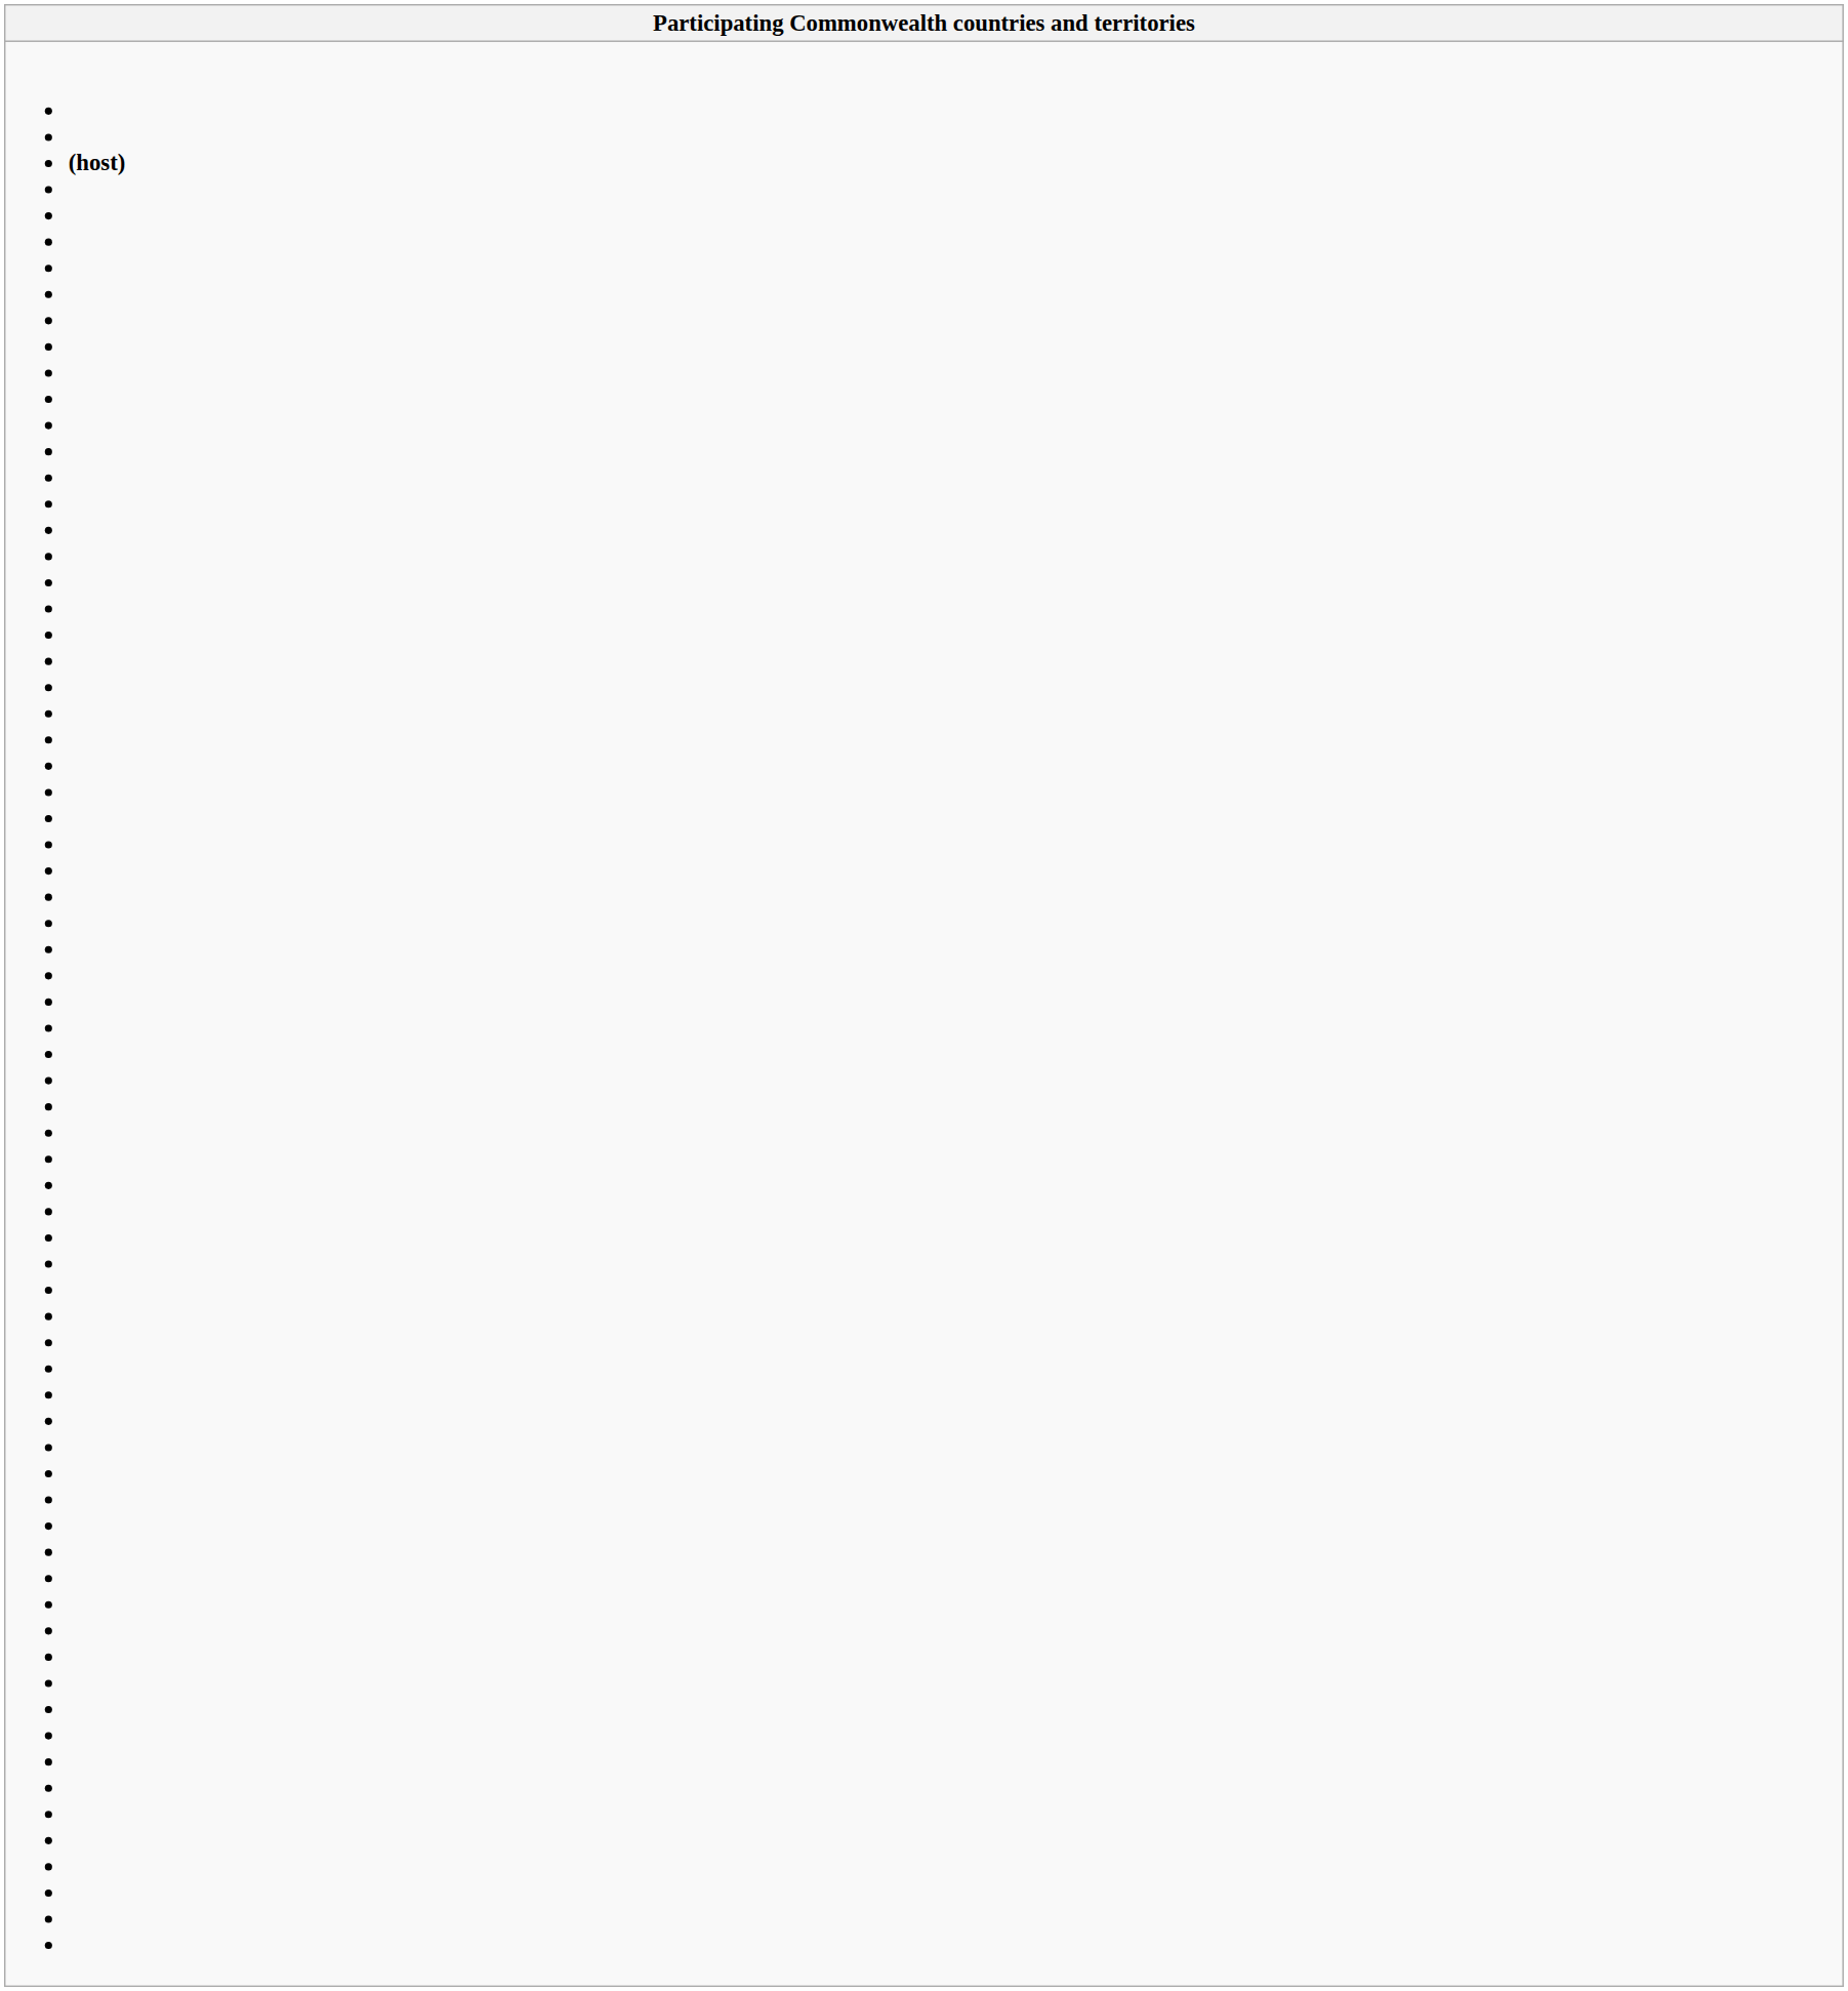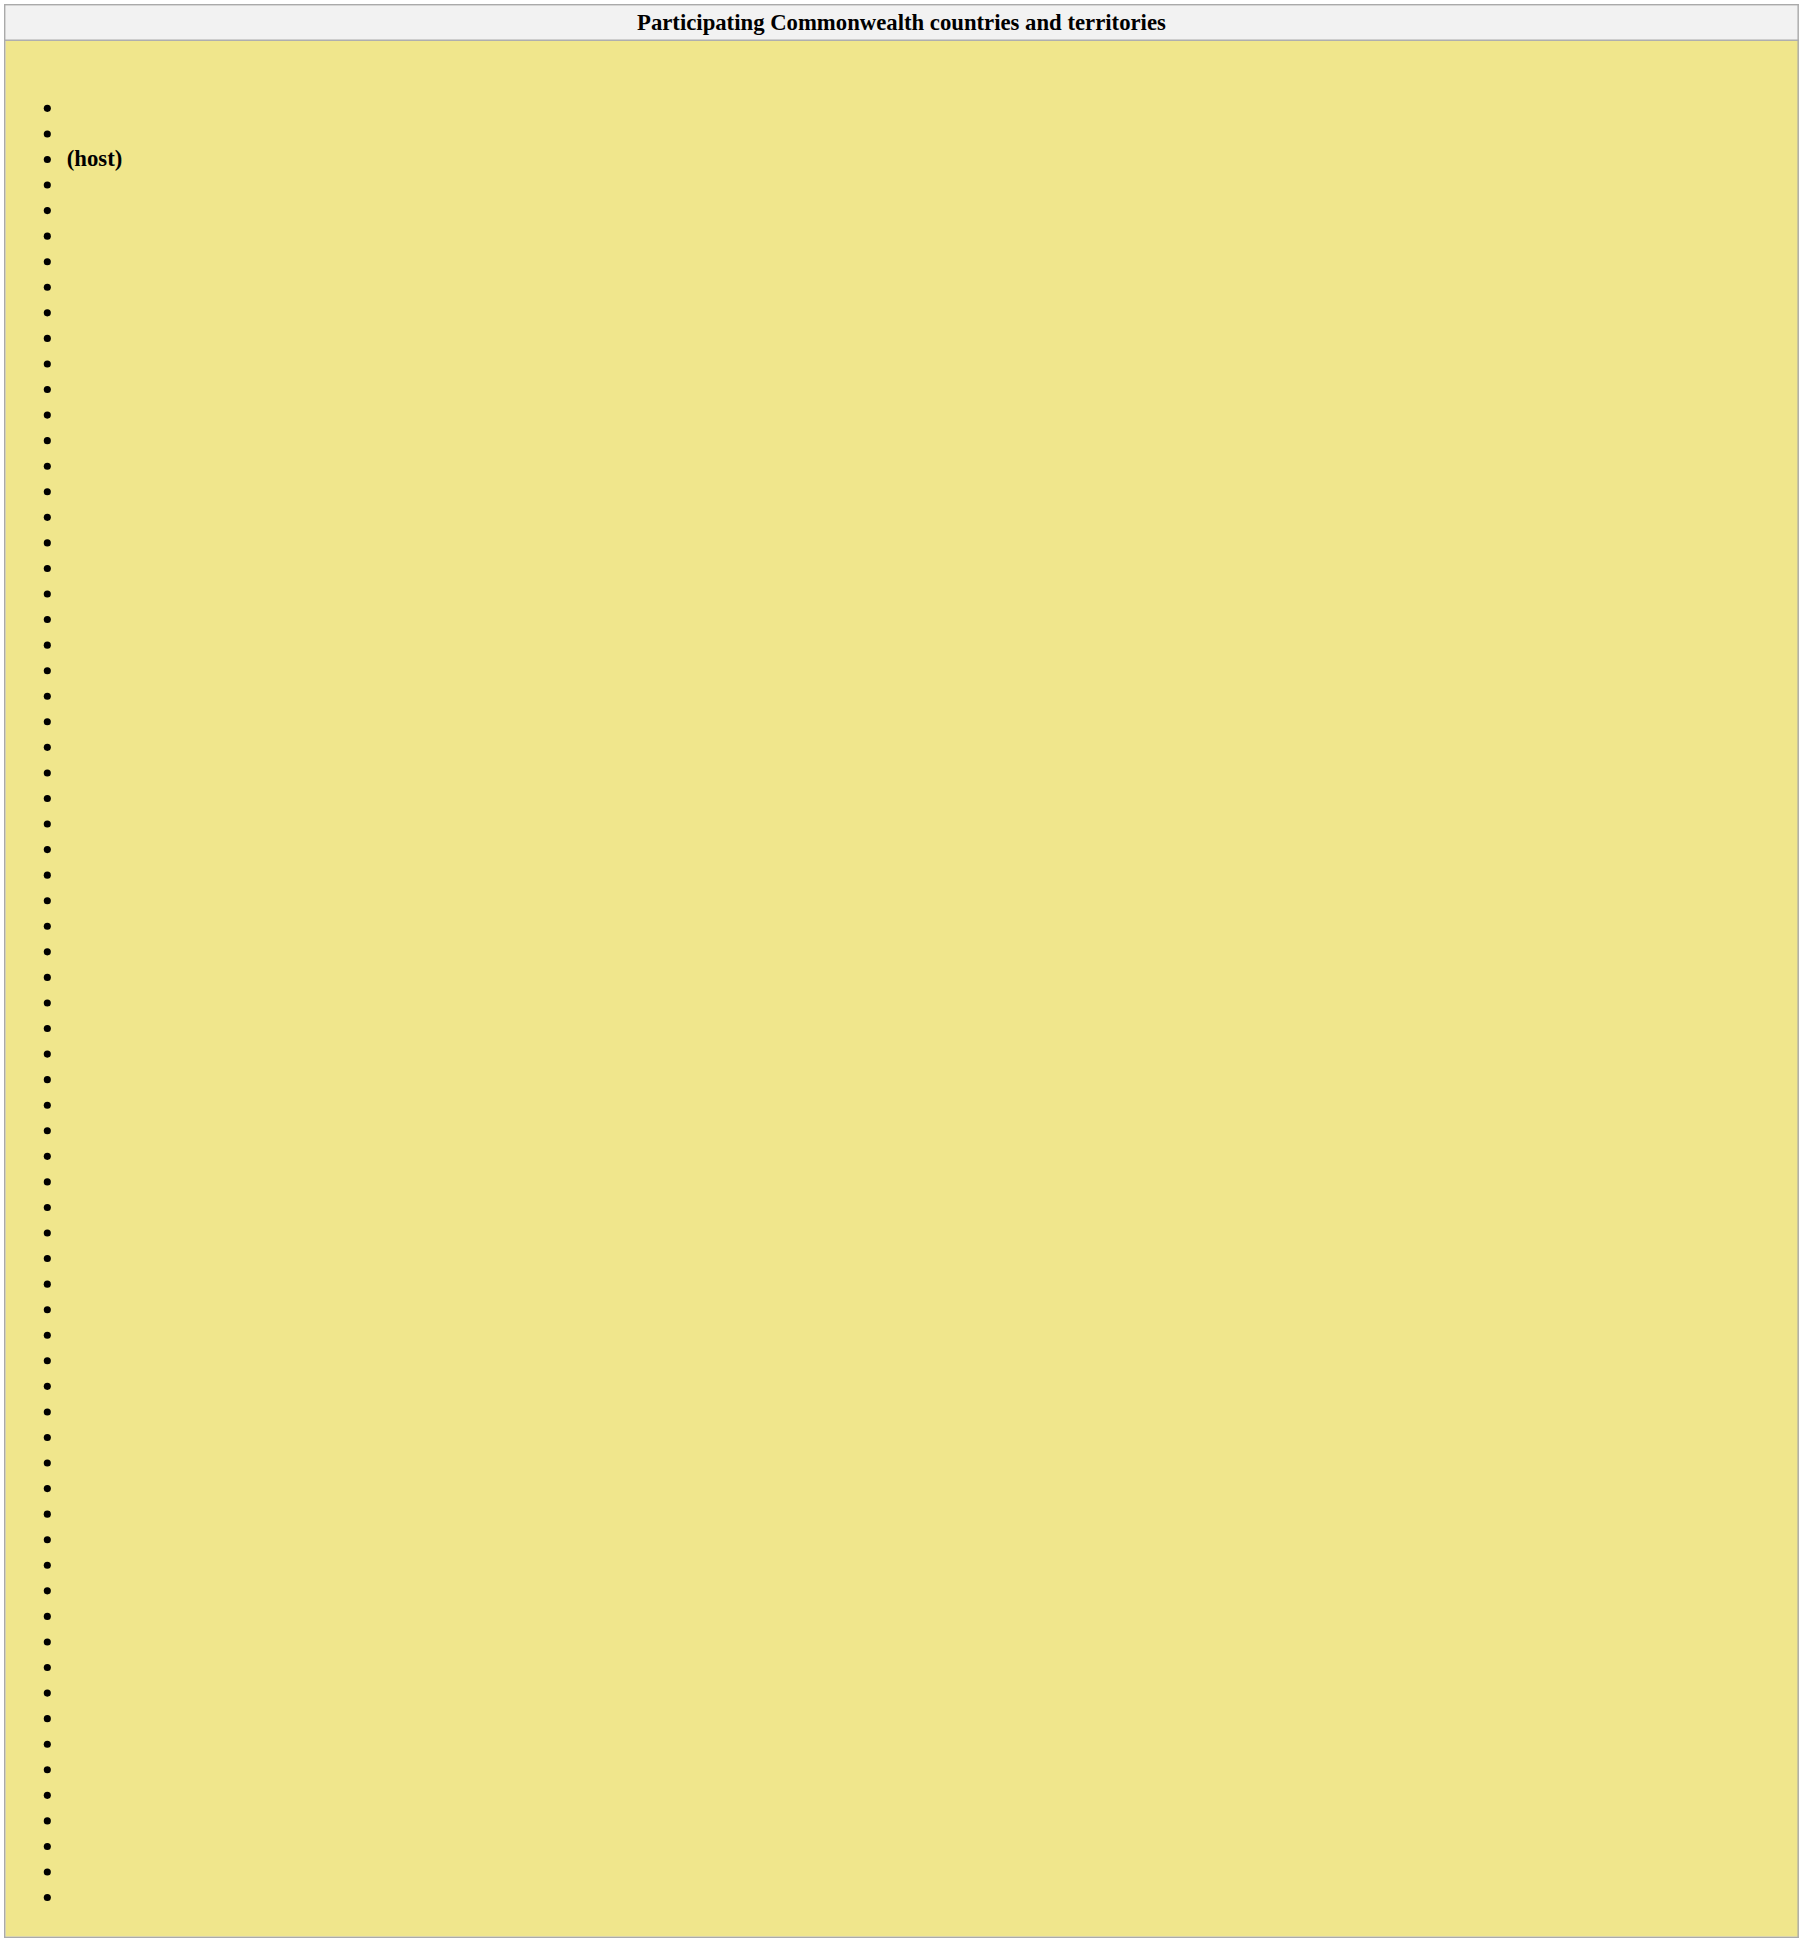 <table class="wikitable collapsible" style="width:100%;">
 <tr>
 <th>Participating Commonwealth countries and territories</th>
 </tr>
 <tr>
-<td><br><ul><li></li><li></li><li> <strong>(host)</strong></li><li></li><li></li><li></li><li></li><li></li><li></li><li></li><li></li><li></li><li></li><li></li><li></li><li></li><li></li><li></li><li></li><li></li><li></li><li></li><li></li><li></li><li></li><li></li><li></li><li></li><li></li><li></li><li></li><li></li><li></li><li></li><li></li><li></li><li></li><li></li><li></li><li></li><li></li><li></li><li></li><li></li><li></li><li></li><li></li><li></li><li></li><li></li><li></li><li></li><li></li><li></li><li></li><li></li><li></li><li></li><li></li><li></li><li></li><li></li><li></li><li></li><li></li><li></li><li></li><li></li><li></li><li></li><li></li></ul></td>
+<td style="background: khaki;"><br><ul><li></li><li></li><li> <strong>(host)</strong></li><li></li><li></li><li></li><li></li><li></li><li></li><li></li><li></li><li></li><li></li><li></li><li></li><li></li><li></li><li></li><li></li><li></li><li></li><li></li><li></li><li></li><li></li><li></li><li></li><li></li><li></li><li></li><li></li><li></li><li></li><li></li><li></li><li></li><li></li><li></li><li></li><li></li><li></li><li></li><li></li><li></li><li></li><li></li><li></li><li></li><li></li><li></li><li></li><li></li><li></li><li></li><li></li><li></li><li></li><li></li><li></li><li></li><li></li><li></li><li></li><li></li><li></li><li></li><li></li><li></li><li></li><li></li><li></li></ul></td>
 </tr>
 </table>
